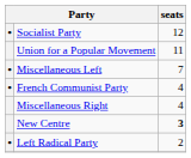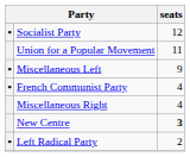 <table class="wikitable" style="font-size: 95%;">
 <tr>
 <th colspan=2>Party</th>
 <th>seats</th>
 </tr>
 <tr>
 <th style="background-color: "><span>•</span></th>
 <td><a href='#'>Socialist Party</a></td>
 <td align="right">12</td>
 </tr>
 <tr>
 <th style="background-color: "></th>
 <td><a href='#'>Union for a Popular Movement</a></td>
 <td align="right">11</td>
 </tr>
 <tr>
 <th style="background-color: "><span>•</span></th>
 <td><a href='#'>Miscellaneous Left</a></td>
-<td align="right">7</td>
+<td align="right">9</td>
 </tr>
 <tr>
 <th style="background-color: "><span>•</span></th>
 <td><a href='#'>French Communist Party</a></td>
 <td align="right">4</td>
 </tr>
 <tr>
 <th style="background-color: "></th>
 <td><a href='#'>Miscellaneous Right</a></td>
 <td align="right">4</td>
 </tr>
 <tr>
 <th style="background-color: "></th>
 <td><a href='#'>New Centre</a></td>
 <td align="right"><strong>3</strong></td>
 </tr>
 <tr>
 <th style="background-color: "><span>•</span></th>
 <td><a href='#'>Left Radical Party</a></td>
 <td align="right">2</td>
 </tr>
 <tr>
 </tr>
 </table>
